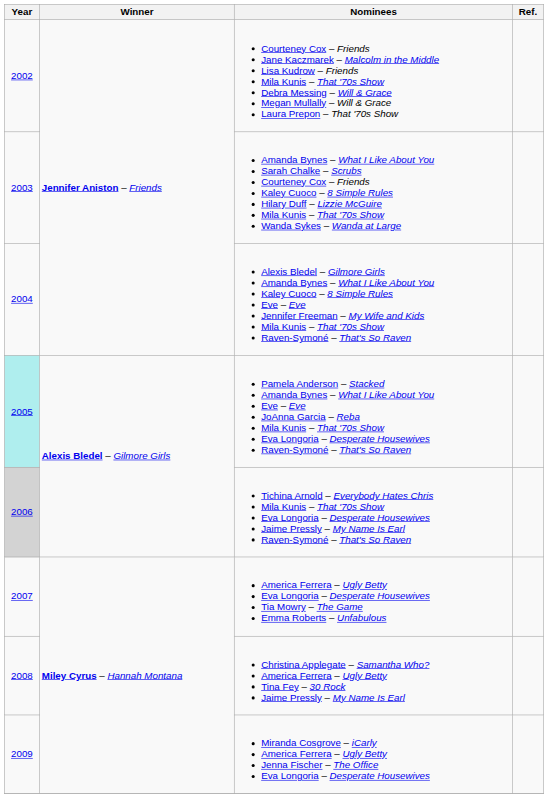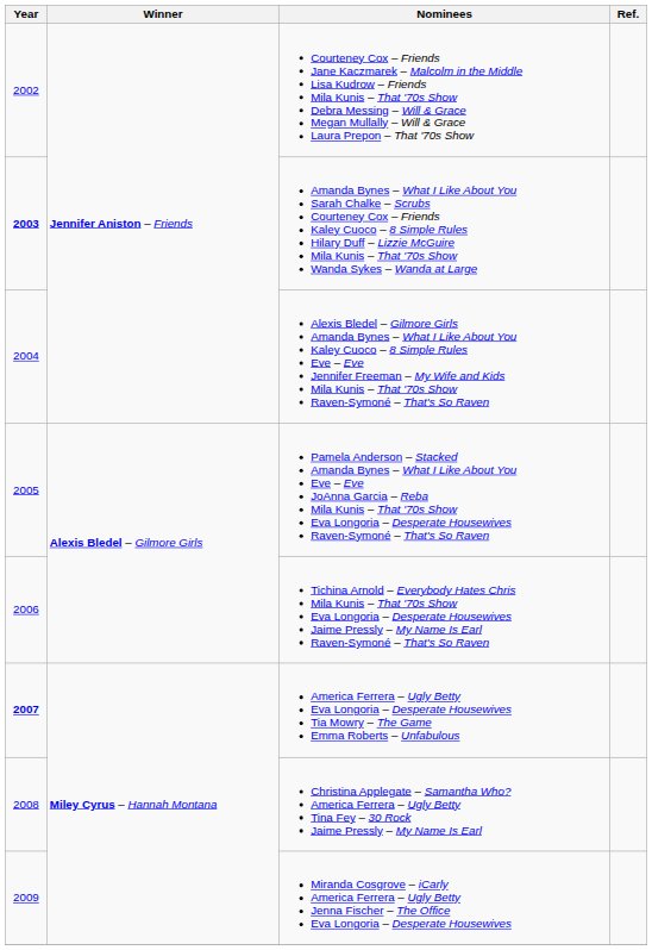 <table class="wikitable" width=70%>
 <tr>
 <th>Year</th>
 <th>Winner</th>
 <th>Nominees</th>
 <th>Ref.</th>
 </tr>
 <tr>
 <td align="center"><a href='#'>2002</a></td>
 <td rowspan=3><strong><a href='#'>Jennifer Aniston</a></strong> – <em><a href='#'>Friends</a></em></td>
 <td><br><ul><li><a href='#'>Courteney Cox</a> – <em>Friends</em></li><li><a href='#'>Jane Kaczmarek</a> – <em><a href='#'>Malcolm in the Middle</a></em></li><li><a href='#'>Lisa Kudrow</a> – <em>Friends</em></li><li><a href='#'>Mila Kunis</a> – <em><a href='#'>That '70s Show</a></em></li><li><a href='#'>Debra Messing</a> – <em><a href='#'>Will & Grace</a></em></li><li><a href='#'>Megan Mullally</a> – <em>Will & Grace</em></li><li><a href='#'>Laura Prepon</a> – <em>That '70s Show</em></li></ul></td>
 <td align="center"></td>
 </tr>
 <tr>
-<td align="center"><a href='#'>2003</a></td>
+<td align="center"><strong><a href='#'>2003</a></strong></td>
 <td><br><ul><li><a href='#'>Amanda Bynes</a> – <em><a href='#'>What I Like About You</a></em></li><li><a href='#'>Sarah Chalke</a> – <em><a href='#'>Scrubs</a></em></li><li><a href='#'>Courteney Cox</a> – <em>Friends</em></li><li><a href='#'>Kaley Cuoco</a> – <em><a href='#'>8 Simple Rules</a></em></li><li><a href='#'>Hilary Duff</a> – <em><a href='#'>Lizzie McGuire</a></em></li><li><a href='#'>Mila Kunis</a> – <em><a href='#'>That '70s Show</a></em></li><li><a href='#'>Wanda Sykes</a> – <em><a href='#'>Wanda at Large</a></em></li></ul></td>
 <td align="center"></td>
 </tr>
 <tr>
 <td align="center"><a href='#'>2004</a></td>
 <td><br><ul><li><a href='#'>Alexis Bledel</a> – <em><a href='#'>Gilmore Girls</a></em></li><li><a href='#'>Amanda Bynes</a> – <em><a href='#'>What I Like About You</a></em></li><li><a href='#'>Kaley Cuoco</a> – <em><a href='#'>8 Simple Rules</a></em></li><li><a href='#'>Eve</a> – <em><a href='#'>Eve</a></em></li><li><a href='#'>Jennifer Freeman</a> – <em><a href='#'>My Wife and Kids</a></em></li><li><a href='#'>Mila Kunis</a> – <em><a href='#'>That '70s Show</a></em></li><li><a href='#'>Raven-Symoné</a> – <em><a href='#'>That's So Raven</a></em></li></ul></td>
 <td align="center"></td>
 </tr>
 <tr>
-<td align="center" style="background: paleturquoise;"><a href='#'>2005</a></td>
+<td align="center"><a href='#'>2005</a></td>
 <td rowspan=2><strong><a href='#'>Alexis Bledel</a></strong> – <em><a href='#'>Gilmore Girls</a></em></td>
 <td><br><ul><li><a href='#'>Pamela Anderson</a> – <em><a href='#'>Stacked</a></em></li><li><a href='#'>Amanda Bynes</a> – <em><a href='#'>What I Like About You</a></em></li><li><a href='#'>Eve</a> – <em><a href='#'>Eve</a></em></li><li><a href='#'>JoAnna Garcia</a> – <em><a href='#'>Reba</a></em></li><li><a href='#'>Mila Kunis</a> – <em><a href='#'>That '70s Show</a></em></li><li><a href='#'>Eva Longoria</a> – <em><a href='#'>Desperate Housewives</a></em></li><li><a href='#'>Raven-Symoné</a> – <em><a href='#'>That's So Raven</a></em></li></ul></td>
 <td align="center"></td>
 </tr>
 <tr>
-<td align="center" style="background: lightgrey;"><a href='#'>2006</a></td>
+<td align="center"><a href='#'>2006</a></td>
 <td><br><ul><li><a href='#'>Tichina Arnold</a> – <em><a href='#'>Everybody Hates Chris</a></em></li><li><a href='#'>Mila Kunis</a> – <em><a href='#'>That '70s Show</a></em></li><li><a href='#'>Eva Longoria</a> – <em><a href='#'>Desperate Housewives</a></em></li><li><a href='#'>Jaime Pressly</a> – <em><a href='#'>My Name Is Earl</a></em></li><li><a href='#'>Raven-Symoné</a> – <em><a href='#'>That's So Raven</a></em></li></ul></td>
 <td align="center"></td>
 </tr>
 <tr>
-<td align="center"><a href='#'>2007</a></td>
+<td align="center"><strong><a href='#'>2007</a></strong></td>
 <td rowspan=3><strong><a href='#'>Miley Cyrus</a></strong> – <em><a href='#'>Hannah Montana</a></em></td>
 <td><br><ul><li><a href='#'>America Ferrera</a> – <em><a href='#'>Ugly Betty</a></em></li><li><a href='#'>Eva Longoria</a> – <em><a href='#'>Desperate Housewives</a></em></li><li><a href='#'>Tia Mowry</a> – <em><a href='#'>The Game</a></em></li><li><a href='#'>Emma Roberts</a> – <em><a href='#'>Unfabulous</a></em></li></ul></td>
 <td align="center"></td>
 </tr>
 <tr>
 <td align="center"><a href='#'>2008</a></td>
 <td><br><ul><li><a href='#'>Christina Applegate</a> – <em><a href='#'>Samantha Who?</a></em></li><li><a href='#'>America Ferrera</a> – <em><a href='#'>Ugly Betty</a></em></li><li><a href='#'>Tina Fey</a> – <em><a href='#'>30 Rock</a></em></li><li><a href='#'>Jaime Pressly</a> – <em><a href='#'>My Name Is Earl</a></em></li></ul></td>
 <td align="center"></td>
 </tr>
 <tr>
 <td align="center"><a href='#'>2009</a></td>
 <td><br><ul><li><a href='#'>Miranda Cosgrove</a> – <em><a href='#'>iCarly</a></em></li><li><a href='#'>America Ferrera</a> – <em><a href='#'>Ugly Betty</a></em></li><li><a href='#'>Jenna Fischer</a> – <em><a href='#'>The Office</a></em></li><li><a href='#'>Eva Longoria</a> – <em><a href='#'>Desperate Housewives</a></em></li></ul></td>
 <td align="center"></td>
 </tr>
 <tr>
 </tr>
 </table>
